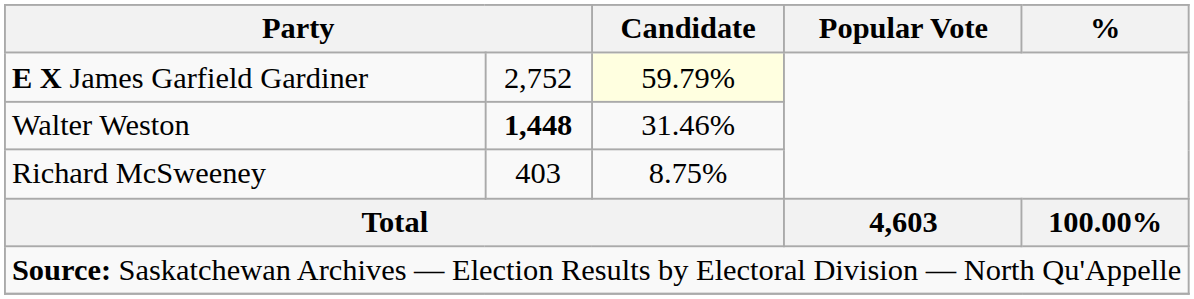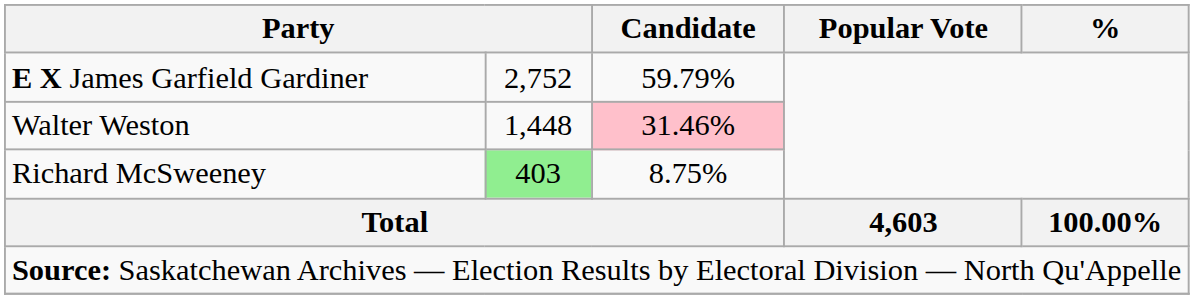 <table class="wikitable">
 <tr>
 <th colspan="2">Party</th>
 <th>Candidate</th>
 <th>Popular Vote</th>
 <th>%</th>
 </tr>
 <tr>
 <td><strong>E</strong> <strong>X</strong> James Garfield Gardiner</td>
 <td align=center>2,752</td>
-<td align=center style="background: lightyellow;">59.79%</td>
+<td align=center>59.79%</td>
 </tr>
 <tr>
 <td>Walter Weston</td>
-<td align=center><strong>1,448</strong></td>
-<td align=center>31.46%</td>
+<td align=center>1,448</td>
+<td align=center style="background: pink;">31.46%</td>
 </tr>
 <tr>
 <td>Richard McSweeney</td>
-<td align=center>403</td>
+<td align=center style="background: lightgreen;">403</td>
 <td align=center>8.75%</td>
 </tr>
 <tr>
 <th colspan=3>Total</th>
 <th>4,603</th>
 <th>100.00%</th>
 </tr>
 <tr>
 <td align="center" colspan=5><strong>Source:</strong> Saskatchewan Archives — Election Results by Electoral Division — North Qu'Appelle</td>
 </tr>
 <tr>
 </tr>
 </table>
